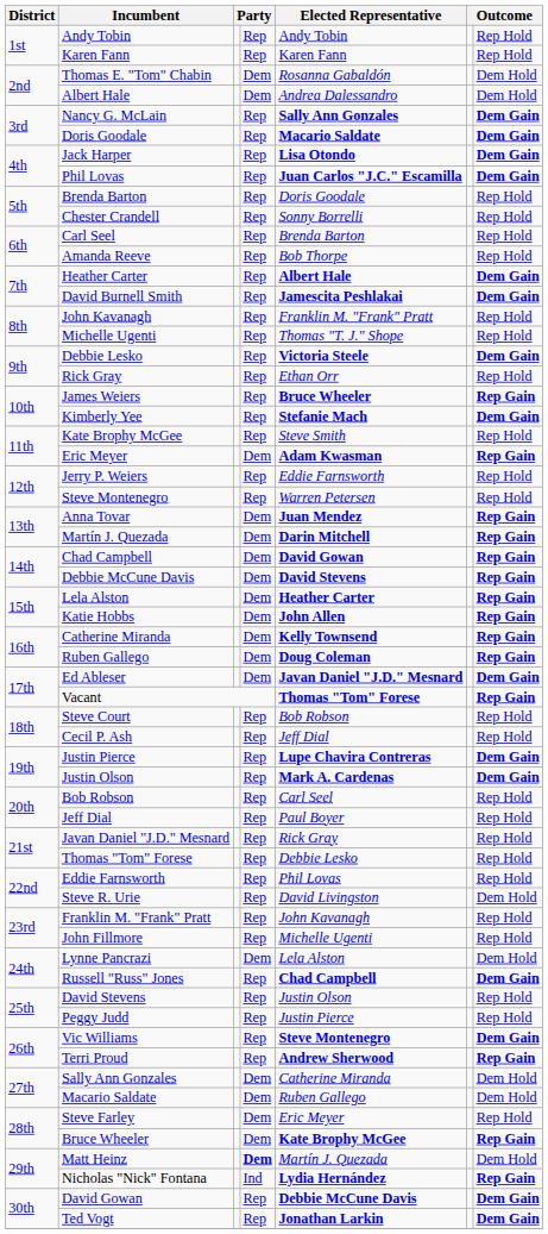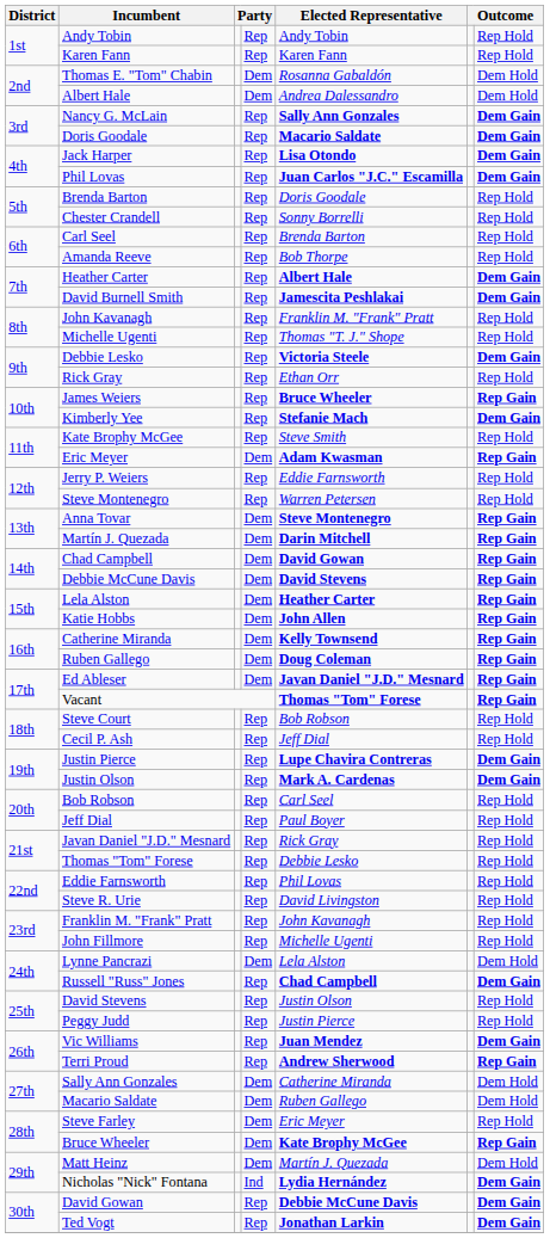 <table class="sortable wikitable" style="font-size:95%;line-height:14px;">
 <tr>
 <th>District</th>
 <th>Incumbent</th>
 <th colspan="2">Party</th>
 <th>Elected Representative</th>
 <th colspan="2">Outcome</th>
 </tr>
 <tr>
 <td rowspan="2"><a href='#'>1st</a></td>
 <td><a href='#'>Andy Tobin</a></td>
 <td style="background:"></td>
 <td><a href='#'>Rep</a></td>
 <td><a href='#'>Andy Tobin</a></td>
 <td style="background:"></td>
 <td><a href='#'>Rep Hold</a></td>
 </tr>
 <tr>
 <td><a href='#'>Karen Fann</a></td>
 <td style="background:"></td>
 <td><a href='#'>Rep</a></td>
 <td><a href='#'>Karen Fann</a></td>
 <td style="background:"></td>
 <td><a href='#'>Rep Hold</a></td>
 </tr>
 <tr>
 <td rowspan="2"><a href='#'>2nd</a></td>
 <td><a href='#'>Thomas E. "Tom" Chabin</a></td>
 <td style="background:"></td>
 <td><a href='#'>Dem</a></td>
 <td><em><a href='#'>Rosanna Gabaldón</a></em></td>
 <td style="background:"></td>
 <td><a href='#'>Dem Hold</a></td>
 </tr>
 <tr>
 <td><a href='#'>Albert Hale</a></td>
 <td style="background:"></td>
 <td><a href='#'>Dem</a></td>
 <td><em><a href='#'>Andrea Dalessandro</a></em></td>
 <td style="background:"></td>
 <td><a href='#'>Dem Hold</a></td>
 </tr>
 <tr>
 <td rowspan="2"><a href='#'>3rd</a></td>
 <td><a href='#'>Nancy G. McLain</a></td>
 <td style="background:"></td>
 <td><a href='#'>Rep</a></td>
 <td><strong><a href='#'>Sally Ann Gonzales</a></strong></td>
 <td style="background:"></td>
 <td><strong><a href='#'>Dem Gain</a></strong></td>
 </tr>
 <tr>
 <td><a href='#'>Doris Goodale</a></td>
 <td style="background:"></td>
 <td><a href='#'>Rep</a></td>
 <td><strong><a href='#'>Macario Saldate</a></strong></td>
 <td style="background:"></td>
 <td><strong><a href='#'>Dem Gain</a></strong></td>
 </tr>
 <tr>
 <td rowspan="2"><a href='#'>4th</a></td>
 <td><a href='#'>Jack Harper</a></td>
 <td style="background:"></td>
 <td><a href='#'>Rep</a></td>
 <td><strong><a href='#'>Lisa Otondo</a></strong></td>
 <td style="background:"></td>
 <td><strong><a href='#'>Dem Gain</a></strong></td>
 </tr>
 <tr>
 <td><a href='#'>Phil Lovas</a></td>
 <td style="background:"></td>
 <td><a href='#'>Rep</a></td>
 <td><strong><a href='#'>Juan Carlos "J.C." Escamilla</a></strong></td>
 <td style="background:"></td>
 <td><strong><a href='#'>Dem Gain</a></strong></td>
 </tr>
 <tr>
 <td rowspan="2"><a href='#'>5th</a></td>
 <td><a href='#'>Brenda Barton</a></td>
 <td style="background:"></td>
 <td><a href='#'>Rep</a></td>
 <td><em><a href='#'>Doris Goodale</a></em></td>
 <td style="background:"></td>
 <td><a href='#'>Rep Hold</a></td>
 </tr>
 <tr>
 <td><a href='#'>Chester Crandell</a></td>
 <td style="background:"></td>
 <td><a href='#'>Rep</a></td>
 <td><em><a href='#'>Sonny Borrelli</a></em></td>
 <td style="background:"></td>
 <td><a href='#'>Rep Hold</a></td>
 </tr>
 <tr>
 <td rowspan="2"><a href='#'>6th</a></td>
 <td><a href='#'>Carl Seel</a></td>
 <td style="background:"></td>
 <td><a href='#'>Rep</a></td>
 <td><em><a href='#'>Brenda Barton</a></em></td>
 <td style="background:"></td>
 <td><a href='#'>Rep Hold</a></td>
 </tr>
 <tr>
 <td><a href='#'>Amanda Reeve</a></td>
 <td style="background:"></td>
 <td><a href='#'>Rep</a></td>
 <td><em><a href='#'>Bob Thorpe</a></em></td>
 <td style="background:"></td>
 <td><a href='#'>Rep Hold</a></td>
 </tr>
 <tr>
 <td rowspan="2"><a href='#'>7th</a></td>
 <td><a href='#'>Heather Carter</a></td>
 <td style="background:"></td>
 <td><a href='#'>Rep</a></td>
 <td><strong><a href='#'>Albert Hale</a></strong></td>
 <td style="background:"></td>
 <td><strong><a href='#'>Dem Gain</a></strong></td>
 </tr>
 <tr>
 <td><a href='#'>David Burnell Smith</a></td>
 <td style="background:"></td>
 <td><a href='#'>Rep</a></td>
 <td><strong><a href='#'>Jamescita Peshlakai</a></strong></td>
 <td style="background:"></td>
 <td><strong><a href='#'>Dem Gain</a></strong></td>
 </tr>
 <tr>
 <td rowspan="2"><a href='#'>8th</a></td>
 <td><a href='#'>John Kavanagh</a></td>
 <td style="background:"></td>
 <td><a href='#'>Rep</a></td>
 <td><em><a href='#'>Franklin M. "Frank" Pratt</a></em></td>
 <td style="background:"></td>
 <td><a href='#'>Rep Hold</a></td>
 </tr>
 <tr>
 <td><a href='#'>Michelle Ugenti</a></td>
 <td style="background:"></td>
 <td><a href='#'>Rep</a></td>
 <td><em><a href='#'>Thomas "T. J." Shope</a></em></td>
 <td style="background:"></td>
 <td><a href='#'>Rep Hold</a></td>
 </tr>
 <tr>
 <td rowspan="2"><a href='#'>9th</a></td>
 <td><a href='#'>Debbie Lesko</a></td>
 <td style="background:"></td>
 <td><a href='#'>Rep</a></td>
 <td><strong><a href='#'>Victoria Steele</a></strong></td>
 <td style="background:"></td>
 <td><strong><a href='#'>Dem Gain</a></strong></td>
 </tr>
 <tr>
 <td><a href='#'>Rick Gray</a></td>
 <td style="background:"></td>
 <td><a href='#'>Rep</a></td>
 <td><em><a href='#'>Ethan Orr</a></em></td>
 <td style="background:"></td>
 <td><a href='#'>Rep Hold</a></td>
 </tr>
 <tr>
 <td rowspan="2"><a href='#'>10th</a></td>
 <td><a href='#'>James Weiers</a></td>
 <td style="background:"></td>
 <td><a href='#'>Rep</a></td>
 <td><strong><a href='#'>Bruce Wheeler</a></strong></td>
 <td style="background:"></td>
 <td><strong><a href='#'>Rep Gain</a></strong></td>
 </tr>
 <tr>
 <td><a href='#'>Kimberly Yee</a></td>
 <td style="background:"></td>
 <td><a href='#'>Rep</a></td>
 <td><strong><a href='#'>Stefanie Mach</a></strong></td>
 <td style="background:"></td>
 <td><strong><a href='#'>Dem Gain</a></strong></td>
 </tr>
 <tr>
 <td rowspan="2"><a href='#'>11th</a></td>
 <td><a href='#'>Kate Brophy McGee</a></td>
 <td style="background:"></td>
 <td><a href='#'>Rep</a></td>
 <td><em><a href='#'>Steve Smith</a></em></td>
 <td style="background:"></td>
 <td><a href='#'>Rep Hold</a></td>
 </tr>
 <tr>
 <td><a href='#'>Eric Meyer</a></td>
 <td style="background:"></td>
 <td><a href='#'>Dem</a></td>
 <td><strong><a href='#'>Adam Kwasman</a></strong></td>
 <td style="background:"></td>
 <td><strong><a href='#'>Rep Gain</a></strong></td>
 </tr>
 <tr>
 <td rowspan="2"><a href='#'>12th</a></td>
 <td><a href='#'>Jerry P. Weiers</a></td>
 <td style="background:"></td>
 <td><a href='#'>Rep</a></td>
 <td><em><a href='#'>Eddie Farnsworth</a></em></td>
 <td style="background:"></td>
 <td><a href='#'>Rep Hold</a></td>
 </tr>
 <tr>
 <td><a href='#'>Steve Montenegro</a></td>
 <td style="background:"></td>
 <td><a href='#'>Rep</a></td>
 <td><em><a href='#'>Warren Petersen</a></em></td>
 <td style="background:"></td>
 <td><a href='#'>Rep Hold</a></td>
 </tr>
 <tr>
 <td rowspan="2"><a href='#'>13th</a></td>
 <td><a href='#'>Anna Tovar</a></td>
 <td style="background:"></td>
 <td><a href='#'>Dem</a></td>
-<td><strong><a href='#'>Juan Mendez</a></strong></td>
+<td><strong><a href='#'>Steve Montenegro</a></strong></td>
 <td style="background:"></td>
 <td><strong><a href='#'>Rep Gain</a></strong></td>
 </tr>
 <tr>
 <td><a href='#'>Martín J. Quezada</a></td>
 <td style="background:"></td>
 <td><a href='#'>Dem</a></td>
 <td><strong><a href='#'>Darin Mitchell</a></strong></td>
 <td style="background:"></td>
 <td><strong><a href='#'>Rep Gain</a></strong></td>
 </tr>
 <tr>
 <td rowspan="2"><a href='#'>14th</a></td>
 <td><a href='#'>Chad Campbell</a></td>
 <td style="background:"></td>
 <td><a href='#'>Dem</a></td>
 <td><strong><a href='#'>David Gowan</a></strong></td>
 <td style="background:"></td>
 <td><strong><a href='#'>Rep Gain</a></strong></td>
 </tr>
 <tr>
 <td><a href='#'>Debbie McCune Davis</a></td>
 <td style="background:"></td>
 <td><a href='#'>Dem</a></td>
 <td><strong><a href='#'>David Stevens</a></strong></td>
 <td style="background:"></td>
 <td><strong><a href='#'>Rep Gain</a></strong></td>
 </tr>
 <tr>
 <td rowspan="2"><a href='#'>15th</a></td>
 <td><a href='#'>Lela Alston</a></td>
 <td style="background:"></td>
 <td><a href='#'>Dem</a></td>
 <td><strong><a href='#'>Heather Carter</a></strong></td>
 <td style="background:"></td>
 <td><strong><a href='#'>Rep Gain</a></strong></td>
 </tr>
 <tr>
 <td><a href='#'>Katie Hobbs</a></td>
 <td style="background:"></td>
 <td><a href='#'>Dem</a></td>
 <td><strong><a href='#'>John Allen</a></strong></td>
 <td style="background:"></td>
 <td><strong><a href='#'>Rep Gain</a></strong></td>
 </tr>
 <tr>
 <td rowspan="2"><a href='#'>16th</a></td>
 <td><a href='#'>Catherine Miranda</a></td>
 <td style="background:"></td>
 <td><a href='#'>Dem</a></td>
 <td><strong><a href='#'>Kelly Townsend</a></strong></td>
 <td style="background:"></td>
 <td><strong><a href='#'>Rep Gain</a></strong></td>
 </tr>
 <tr>
 <td><a href='#'>Ruben Gallego</a></td>
 <td style="background:"></td>
 <td><a href='#'>Dem</a></td>
 <td><strong><a href='#'>Doug Coleman</a></strong></td>
 <td style="background:"></td>
 <td><strong><a href='#'>Rep Gain</a></strong></td>
 </tr>
 <tr>
 <td rowspan="2"><a href='#'>17th</a></td>
 <td><a href='#'>Ed Ableser</a></td>
 <td style="background:"></td>
 <td><a href='#'>Dem</a></td>
 <td><strong><a href='#'>Javan Daniel "J.D." Mesnard</a></strong></td>
 <td style="background:"></td>
-<td><strong><a href='#'>Dem Gain</a></strong></td>
+<td><strong><a href='#'>Rep Gain</a></strong></td>
 </tr>
 <tr>
 <td colspan="3" style="background:">Vacant</td>
 <td><strong><a href='#'>Thomas "Tom" Forese</a></strong></td>
 <td style="background:"></td>
 <td><strong><a href='#'>Rep Gain</a></strong></td>
 </tr>
 <tr>
 <td rowspan="2"><a href='#'>18th</a></td>
 <td><a href='#'>Steve Court</a></td>
 <td style="background:"></td>
 <td><a href='#'>Rep</a></td>
 <td><em><a href='#'>Bob Robson</a></em></td>
 <td style="background:"></td>
 <td><a href='#'>Rep Hold</a></td>
 </tr>
 <tr>
 <td><a href='#'>Cecil P. Ash</a></td>
 <td style="background:"></td>
 <td><a href='#'>Rep</a></td>
 <td><em><a href='#'>Jeff Dial</a></em></td>
 <td style="background:"></td>
 <td><a href='#'>Rep Hold</a></td>
 </tr>
 <tr>
 <td rowspan="2"><a href='#'>19th</a></td>
 <td><a href='#'>Justin Pierce</a></td>
 <td style="background:"></td>
 <td><a href='#'>Rep</a></td>
 <td><strong><a href='#'>Lupe Chavira Contreras</a></strong></td>
 <td style="background:"></td>
 <td><strong><a href='#'>Dem Gain</a></strong></td>
 </tr>
 <tr>
 <td><a href='#'>Justin Olson</a></td>
 <td style="background:"></td>
 <td><a href='#'>Rep</a></td>
 <td><strong><a href='#'>Mark A. Cardenas</a></strong></td>
 <td style="background:"></td>
 <td><strong><a href='#'>Dem Gain</a></strong></td>
 </tr>
 <tr>
 <td rowspan="2"><a href='#'>20th</a></td>
 <td><a href='#'>Bob Robson</a></td>
 <td style="background:"></td>
 <td><a href='#'>Rep</a></td>
 <td><em><a href='#'>Carl Seel</a></em></td>
 <td style="background:"></td>
 <td><a href='#'>Rep Hold</a></td>
 </tr>
 <tr>
 <td><a href='#'>Jeff Dial</a></td>
 <td style="background:"></td>
 <td><a href='#'>Rep</a></td>
 <td><em><a href='#'>Paul Boyer</a></em></td>
 <td style="background:"></td>
 <td><a href='#'>Rep Hold</a></td>
 </tr>
 <tr>
 <td rowspan="2"><a href='#'>21st</a></td>
 <td><a href='#'>Javan Daniel "J.D." Mesnard</a></td>
 <td style="background:"></td>
 <td><a href='#'>Rep</a></td>
 <td><em><a href='#'>Rick Gray</a></em></td>
 <td style="background:"></td>
 <td><a href='#'>Rep Hold</a></td>
 </tr>
 <tr>
 <td><a href='#'>Thomas "Tom" Forese</a></td>
 <td style="background:"></td>
 <td><a href='#'>Rep</a></td>
 <td><em><a href='#'>Debbie Lesko</a></em></td>
 <td style="background:"></td>
 <td><a href='#'>Rep Hold</a></td>
 </tr>
 <tr>
 <td rowspan="2"><a href='#'>22nd</a></td>
 <td><a href='#'>Eddie Farnsworth</a></td>
 <td style="background:"></td>
 <td><a href='#'>Rep</a></td>
 <td><em><a href='#'>Phil Lovas</a></em></td>
 <td style="background:"></td>
 <td><a href='#'>Rep Hold</a></td>
 </tr>
 <tr>
 <td><a href='#'>Steve R. Urie</a></td>
 <td style="background:"></td>
 <td><a href='#'>Rep</a></td>
 <td><em><a href='#'>David Livingston</a></em></td>
 <td style="background:"></td>
-<td><a href='#'>Dem Hold</a></td>
+<td><a href='#'>Rep Hold</a></td>
 </tr>
 <tr>
 <td rowspan="2"><a href='#'>23rd</a></td>
 <td><a href='#'>Franklin M. "Frank" Pratt</a></td>
 <td style="background:"></td>
 <td><a href='#'>Rep</a></td>
 <td><em><a href='#'>John Kavanagh</a></em></td>
 <td style="background:"></td>
 <td><a href='#'>Rep Hold</a></td>
 </tr>
 <tr>
 <td><a href='#'>John Fillmore</a></td>
 <td style="background:"></td>
 <td><a href='#'>Rep</a></td>
 <td><em><a href='#'>Michelle Ugenti</a></em></td>
 <td style="background:"></td>
 <td><a href='#'>Rep Hold</a></td>
 </tr>
 <tr>
 <td rowspan="2"><a href='#'>24th</a></td>
 <td><a href='#'>Lynne Pancrazi</a></td>
 <td style="background:"></td>
 <td><a href='#'>Dem</a></td>
 <td><em><a href='#'>Lela Alston</a></em></td>
 <td style="background:"></td>
 <td><a href='#'>Dem Hold</a></td>
 </tr>
 <tr>
 <td><a href='#'>Russell "Russ" Jones</a></td>
 <td style="background:"></td>
 <td><a href='#'>Rep</a></td>
 <td><strong><a href='#'>Chad Campbell</a></strong></td>
 <td style="background:"></td>
 <td><strong><a href='#'>Dem Gain</a></strong></td>
 </tr>
 <tr>
 <td rowspan="2"><a href='#'>25th</a></td>
 <td><a href='#'>David Stevens</a></td>
 <td style="background:"></td>
 <td><a href='#'>Rep</a></td>
 <td><em><a href='#'>Justin Olson</a></em></td>
 <td style="background:"></td>
 <td><a href='#'>Rep Hold</a></td>
 </tr>
 <tr>
 <td><a href='#'>Peggy Judd</a></td>
 <td style="background:"></td>
 <td><a href='#'>Rep</a></td>
 <td><em><a href='#'>Justin Pierce</a></em></td>
 <td style="background:"></td>
 <td><a href='#'>Rep Hold</a></td>
 </tr>
 <tr>
 <td rowspan="2"><a href='#'>26th</a></td>
 <td><a href='#'>Vic Williams</a></td>
 <td style="background:"></td>
 <td><a href='#'>Rep</a></td>
-<td><strong><a href='#'>Steve Montenegro</a></strong></td>
+<td><strong><a href='#'>Juan Mendez</a></strong></td>
 <td style="background:"></td>
 <td><strong><a href='#'>Dem Gain</a></strong></td>
 </tr>
 <tr>
 <td><a href='#'>Terri Proud</a></td>
 <td style="background:"></td>
 <td><a href='#'>Rep</a></td>
 <td><strong><a href='#'>Andrew Sherwood</a></strong></td>
 <td style="background:"></td>
 <td><strong><a href='#'>Rep Gain</a></strong></td>
 </tr>
 <tr>
 <td rowspan="2"><a href='#'>27th</a></td>
 <td><a href='#'>Sally Ann Gonzales</a></td>
 <td style="background:"></td>
 <td><a href='#'>Dem</a></td>
 <td><em><a href='#'>Catherine Miranda</a></em></td>
 <td style="background:"></td>
 <td><a href='#'>Dem Hold</a></td>
 </tr>
 <tr>
 <td><a href='#'>Macario Saldate</a></td>
 <td style="background:"></td>
 <td><a href='#'>Dem</a></td>
 <td><em><a href='#'>Ruben Gallego</a></em></td>
 <td style="background:"></td>
 <td><a href='#'>Dem Hold</a></td>
 </tr>
 <tr>
 <td rowspan="2"><a href='#'>28th</a></td>
 <td><a href='#'>Steve Farley</a></td>
 <td style="background:"></td>
 <td><a href='#'>Dem</a></td>
 <td><em><a href='#'>Eric Meyer</a></em></td>
 <td style="background:"></td>
 <td><a href='#'>Rep Hold</a></td>
 </tr>
 <tr>
 <td><a href='#'>Bruce Wheeler</a></td>
 <td style="background:"></td>
 <td><a href='#'>Dem</a></td>
 <td><strong><a href='#'>Kate Brophy McGee</a></strong></td>
 <td style="background:"></td>
 <td><strong><a href='#'>Rep Gain</a></strong></td>
 </tr>
 <tr>
 <td rowspan="2"><a href='#'>29th</a></td>
 <td><a href='#'>Matt Heinz</a></td>
 <td style="background:"></td>
-<td><strong><a href='#'>Dem</a></strong></td>
+<td><a href='#'>Dem</a></td>
 <td><em><a href='#'>Martín J. Quezada</a></em></td>
 <td style="background:"></td>
 <td><a href='#'>Dem Hold</a></td>
 </tr>
 <tr>
 <td>Nicholas "Nick" Fontana</td>
 <td style="background:"></td>
 <td><a href='#'>Ind</a></td>
 <td><strong><a href='#'>Lydia Hernández</a></strong></td>
 <td style="background:"></td>
-<td><strong><a href='#'>Rep Gain</a></strong></td>
+<td><strong><a href='#'>Dem Gain</a></strong></td>
 </tr>
 <tr>
 <td rowspan="2"><a href='#'>30th</a></td>
 <td><a href='#'>David Gowan</a></td>
 <td style="background:"></td>
 <td><a href='#'>Rep</a></td>
 <td><strong><a href='#'>Debbie McCune Davis</a></strong></td>
 <td style="background:"></td>
 <td><strong><a href='#'>Dem Gain</a></strong></td>
 </tr>
 <tr>
 <td><a href='#'>Ted Vogt</a></td>
 <td style="background:"></td>
 <td><a href='#'>Rep</a></td>
 <td><strong><a href='#'>Jonathan Larkin</a></strong></td>
 <td style="background:"></td>
 <td><strong><a href='#'>Dem Gain</a></strong></td>
 </tr>
 <tr>
 </tr>
 </table>
